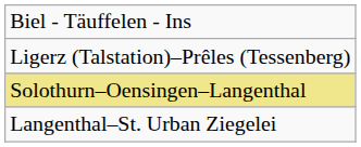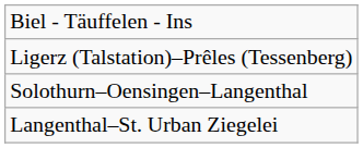 <table class="wikitable">
 <tr>
 <td>Biel - Täuffelen - Ins</td>
 </tr>
 <tr>
 <td>Ligerz (Talstation)–Prêles (Tessenberg)</td>
 </tr>
 <tr>
-<td style="background: khaki;">Solothurn–Oensingen–Langenthal</td>
+<td>Solothurn–Oensingen–Langenthal</td>
 </tr>
 <tr>
 <td>Langenthal–St. Urban Ziegelei</td>
 </tr>
 </table>
